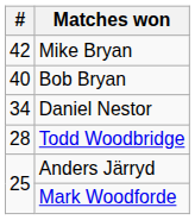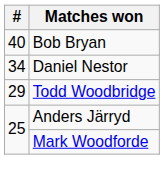 <table class="wikitable" style="display:inline-table;">
 <tr>
 <th>#</th>
 <th>Matches won</th>
-</tr>
-<tr>
-<td style="text-align: center;">42</td>
-<td> Mike Bryan</td>
 </tr>
 <tr>
 <td style="text-align: center;">40</td>
 <td> Bob Bryan</td>
 </tr>
 <tr>
 <td style="text-align: center;">34</td>
 <td> Daniel Nestor</td>
 </tr>
 <tr>
-<td style="text-align: center;">28</td>
+<td style="text-align: center;">29</td>
 <td> <a href='#'>Todd Woodbridge</a></td>
 </tr>
 <tr>
 <td rowspan="2" style="text-align: center;">25</td>
 <td> Anders Järryd</td>
 </tr>
 <tr>
 <td> <a href='#'>Mark Woodforde</a></td>
 </tr>
 </table>
